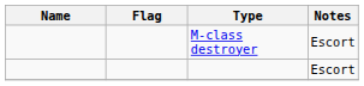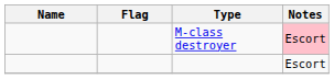 <table class="wikitable sortable">
 <tr>
 <th scope="col" width="100px">Name</th>
 <th scope="col" width="80px">Flag</th>
 <th scope="col" width="120px">Type</th>
 <th>Notes</th>
 </tr>
 <tr>
 <td></td>
 <td></td>
 <td><a href='#'>M-class destroyer</a></td>
-<td>Escort</td>
+<td style="background: pink;">Escort</td>
 </tr>
 <tr>
 <td></td>
 <td></td>
 <td></td>
 <td>Escort</td>
 </tr>
 <tr>
 </tr>
 </table>
